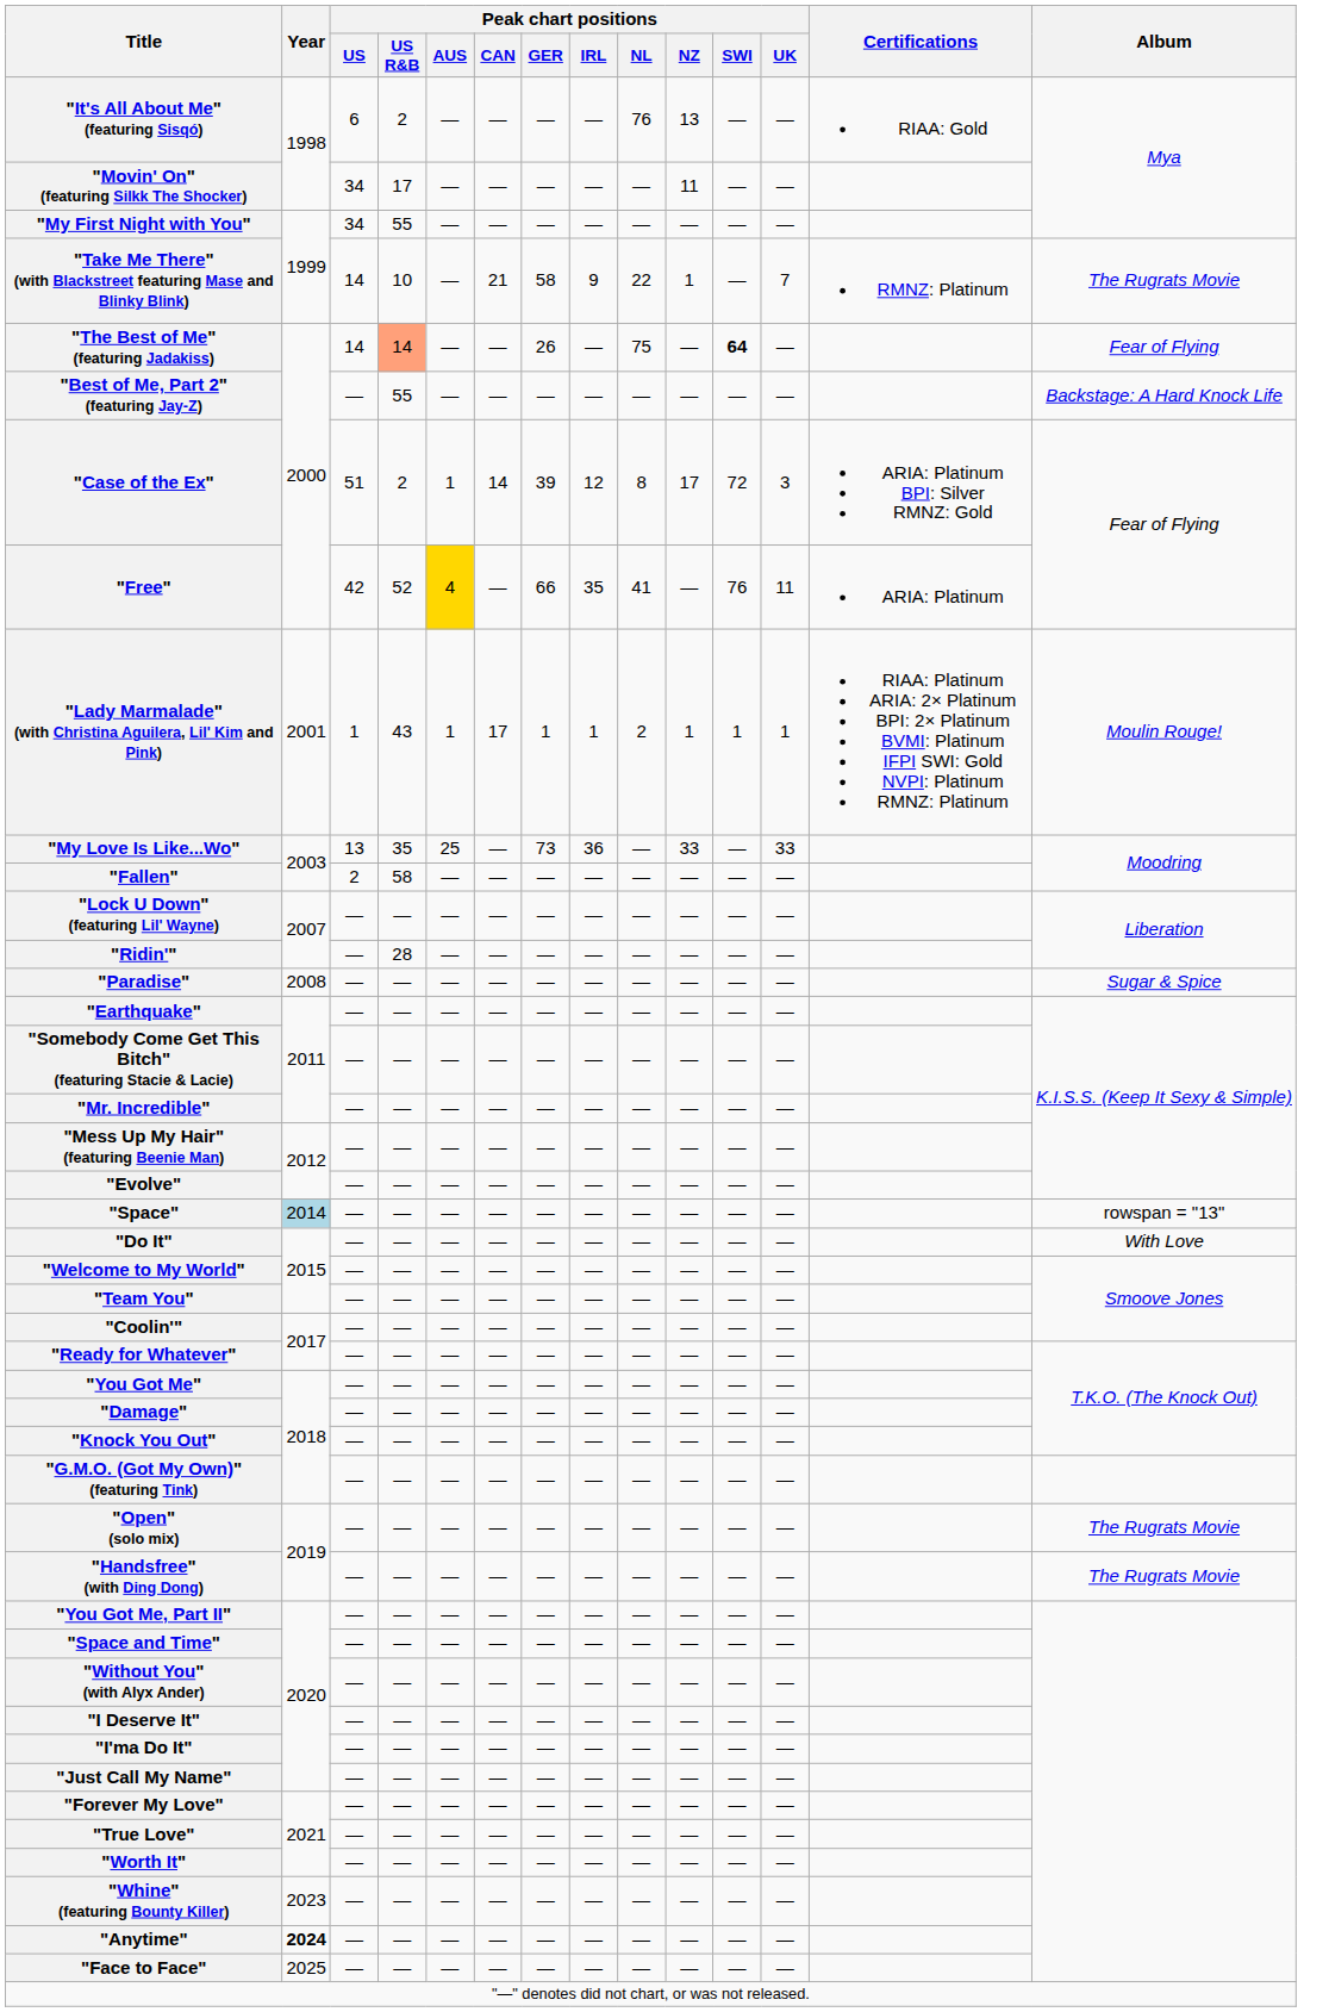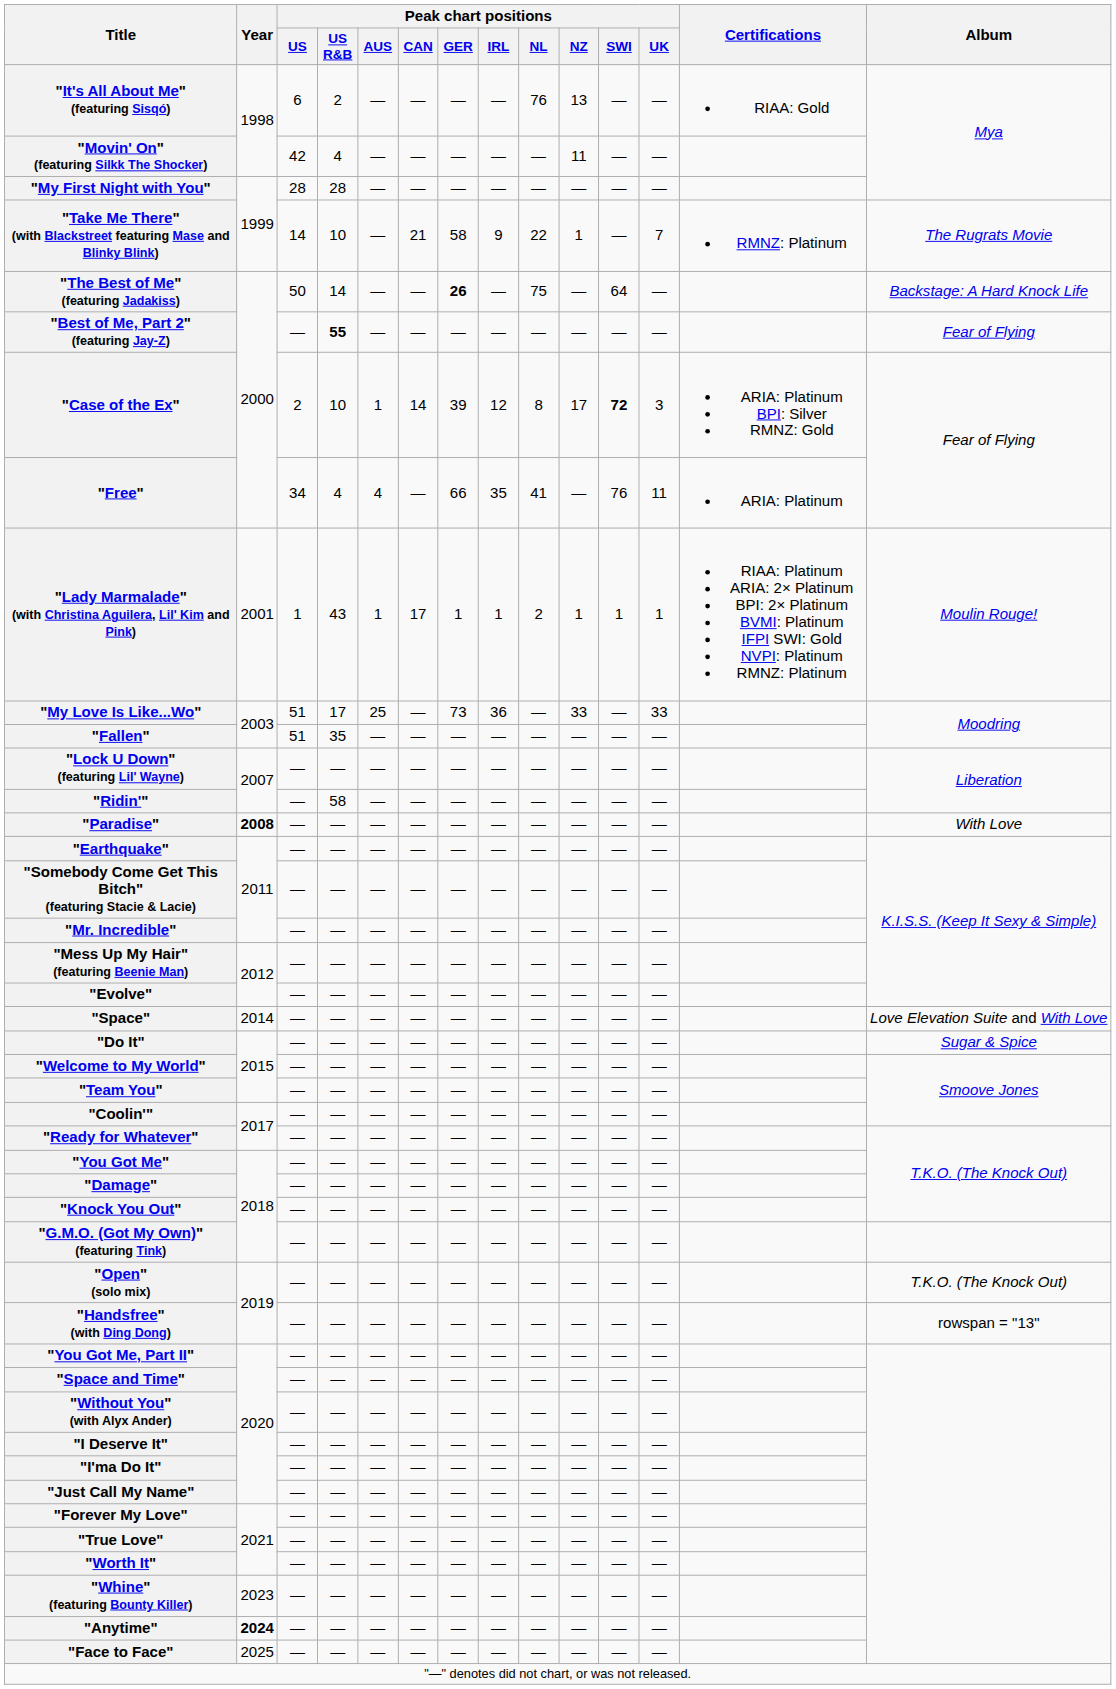 <table class="wikitable plainrowheaders" style="text-align:center;" border="1">
 <tr>
 <th scope="col" rowspan="2" style="width:15em;">Title</th>
 <th scope="col" rowspan="2" style="width:2em;">Year</th>
 <th scope="col" colspan="10">Peak chart positions</th>
 <th scope="col" rowspan="2" style="width:12em;"><a href='#'>Certifications</a></th>
 <th scope="col" rowspan="2">Album</th>
 </tr>
 <tr>
 <th scope="col" style="width:2.5em;font-size:90%;"><a href='#'>US</a><br></th>
 <th scope="col" style="width:2.5em;font-size:90%;"><a href='#'>US<br>R&B</a><br></th>
 <th scope="col" style="width:2.5em;font-size:90%;"><a href='#'>AUS</a><br></th>
 <th scope="col" style="width:2.5em;font-size:90%;"><a href='#'>CAN</a><br></th>
 <th scope="col" style="width:2.5em;font-size:90%;"><a href='#'>GER</a><br></th>
 <th scope="col" style="width:2.5em;font-size:90%;"><a href='#'>IRL</a><br></th>
 <th scope="col" style="width:2.5em;font-size:90%;"><a href='#'>NL</a><br></th>
 <th scope="col" style="width:2.5em;font-size:90%;"><a href='#'>NZ</a><br></th>
 <th scope="col" style="width:2.5em;font-size:90%;"><a href='#'>SWI</a><br></th>
 <th scope="col" style="width:2.5em;font-size:90%;"><a href='#'>UK</a><br></th>
 </tr>
 <tr>
 <th scope="row">"<a href='#'>It's All About Me</a>"<br><small>(featuring <a href='#'>Sisqó</a>)</small></th>
 <td rowspan="2">1998</td>
 <td>6</td>
 <td>2</td>
 <td>—</td>
 <td>—</td>
 <td>—</td>
 <td>—</td>
 <td>76</td>
 <td>13</td>
 <td>—</td>
 <td>—</td>
 <td><br><ul><li>RIAA: Gold</li></ul></td>
 <td rowspan="3"><em><a href='#'>Mya</a></em></td>
 </tr>
 <tr>
 <th scope="row">"<a href='#'>Movin' On</a>" <br><small>(featuring <a href='#'>Silkk The Shocker</a>)</small></th>
-<td>34</td>
-<td>17</td>
+<td>42</td>
+<td>4</td>
 <td>—</td>
 <td>—</td>
 <td>—</td>
 <td>—</td>
 <td>—</td>
 <td>11</td>
 <td>—</td>
 <td>—</td>
 <td></td>
 </tr>
 <tr>
 <th scope="row">"<a href='#'>My First Night with You</a>"</th>
 <td rowspan="2">1999</td>
-<td>34</td>
-<td>55</td>
+<td>28</td>
+<td>28</td>
 <td>—</td>
 <td>—</td>
 <td>—</td>
 <td>—</td>
 <td>—</td>
 <td>—</td>
 <td>—</td>
 <td>—</td>
 <td></td>
 </tr>
 <tr>
 <th scope="row">"<a href='#'>Take Me There</a>" <br><small>(with <a href='#'>Blackstreet</a> featuring <a href='#'>Mase</a> and <a href='#'>Blinky Blink</a>)</small></th>
 <td>14</td>
 <td>10</td>
 <td>—</td>
 <td>21</td>
 <td>58</td>
 <td>9</td>
 <td>22</td>
 <td>1</td>
 <td>—</td>
 <td>7</td>
 <td><br><ul><li><a href='#'>RMNZ</a>: Platinum</li></ul></td>
 <td scope="row"><em><a href='#'>The Rugrats Movie</a></em></td>
 </tr>
 <tr>
 <th scope="row">"<a href='#'>The Best of Me</a>" <br><small>(featuring <a href='#'>Jadakiss</a>)</small></th>
 <td rowspan="4">2000</td>
+<td>50</td>
 <td>14</td>
-<td style="background: lightsalmon;">14</td>
 <td>—</td>
 <td>—</td>
-<td>26</td>
+<td><strong>26</strong></td>
 <td>—</td>
 <td>75</td>
 <td>—</td>
-<td><strong>64</strong></td>
+<td>64</td>
 <td>—</td>
 <td></td>
-<td><em><a href='#'>Fear of Flying</a></em></td>
+<td><em><a href='#'>Backstage: A Hard Knock Life</a></em></td>
 </tr>
 <tr>
 <th scope="row">"<a href='#'>Best of Me, Part 2</a>" <br><small>(featuring <a href='#'>Jay-Z</a>)</small></th>
 <td>—</td>
-<td>55</td>
+<td><strong>55</strong></td>
 <td>—</td>
 <td>—</td>
 <td>—</td>
 <td>—</td>
 <td>—</td>
 <td>—</td>
 <td>—</td>
 <td>—</td>
 <td></td>
-<td><em><a href='#'>Backstage: A Hard Knock Life</a></em></td>
+<td><em><a href='#'>Fear of Flying</a></em></td>
 </tr>
 <tr>
 <th scope="row">"<a href='#'>Case of the Ex</a>"</th>
-<td>51</td>
 <td>2</td>
+<td>10</td>
 <td>1</td>
 <td>14</td>
 <td>39</td>
 <td>12</td>
 <td>8</td>
 <td>17</td>
-<td>72</td>
+<td><strong>72</strong></td>
 <td>3</td>
 <td><br><ul><li>ARIA: Platinum</li><li><a href='#'>BPI</a>: Silver</li><li>RMNZ: Gold</li></ul></td>
 <td rowspan="2"><em>Fear of Flying</em></td>
 </tr>
 <tr>
 <th scope="row">"<a href='#'>Free</a>"</th>
-<td>42</td>
-<td>52</td>
-<td style="background: gold;">4</td>
+<td>34</td>
+<td>4</td>
+<td>4</td>
 <td>—</td>
 <td>66</td>
 <td>35</td>
 <td>41</td>
 <td>—</td>
 <td>76</td>
 <td>11</td>
 <td><br><ul><li>ARIA: Platinum</li></ul></td>
 </tr>
 <tr>
 <th scope="row">"<a href='#'>Lady Marmalade</a>" <br><small>(with <a href='#'>Christina Aguilera</a>, <a href='#'>Lil' Kim</a> and <a href='#'>Pink</a>)</small></th>
 <td>2001</td>
 <td>1</td>
 <td>43</td>
 <td>1</td>
 <td>17</td>
 <td>1</td>
 <td>1</td>
 <td>2</td>
 <td>1</td>
 <td>1</td>
 <td>1</td>
 <td><br><ul><li>RIAA: Platinum</li><li>ARIA: 2× Platinum</li><li>BPI: 2× Platinum</li><li><a href='#'>BVMI</a>: Platinum</li><li><a href='#'>IFPI</a> SWI: Gold</li><li><a href='#'>NVPI</a>: Platinum</li><li>RMNZ: Platinum</li></ul></td>
 <td><em><a href='#'>Moulin Rouge!</a></em></td>
 </tr>
 <tr>
 <th scope="row">"<a href='#'>My Love Is Like...Wo</a>"</th>
 <td rowspan="2">2003</td>
-<td>13</td>
-<td>35</td>
+<td>51</td>
+<td>17</td>
 <td>25</td>
 <td>—</td>
 <td>73</td>
 <td>36</td>
 <td>—</td>
 <td>33</td>
 <td>—</td>
 <td>33</td>
 <td></td>
 <td rowspan="2"><em><a href='#'>Moodring</a></em></td>
 </tr>
 <tr>
 <th scope="row">"<a href='#'>Fallen</a>"</th>
-<td>2</td>
-<td>58</td>
+<td>51</td>
+<td>35</td>
 <td>—</td>
 <td>—</td>
 <td>—</td>
 <td>—</td>
 <td>—</td>
 <td>—</td>
 <td>—</td>
 <td>—</td>
 <td></td>
 </tr>
 <tr>
 <th scope="row">"<a href='#'>Lock U Down</a>" <br><small>(featuring <a href='#'>Lil' Wayne</a>)</small></th>
 <td rowspan="2">2007</td>
 <td>—</td>
 <td>—</td>
 <td>—</td>
 <td>—</td>
 <td>—</td>
 <td>—</td>
 <td>—</td>
 <td>—</td>
 <td>—</td>
 <td>—</td>
 <td></td>
 <td rowspan="2"><em><a href='#'>Liberation</a></em></td>
 </tr>
 <tr>
 <th scope="row">"<a href='#'>Ridin'</a>"</th>
 <td>—</td>
-<td>28</td>
+<td>58</td>
 <td>—</td>
 <td>—</td>
 <td>—</td>
 <td>—</td>
 <td>—</td>
 <td>—</td>
 <td>—</td>
 <td>—</td>
 <td></td>
 </tr>
 <tr>
 <th scope="row">"<a href='#'>Paradise</a>"</th>
-<td>2008</td>
+<td><strong>2008</strong></td>
 <td>—</td>
 <td>—</td>
 <td>—</td>
 <td>—</td>
 <td>—</td>
 <td>—</td>
 <td>—</td>
 <td>—</td>
 <td>—</td>
 <td>—</td>
 <td></td>
-<td><em><a href='#'>Sugar & Spice</a></em></td>
+<td><em>With Love</em></td>
 </tr>
 <tr>
 <th scope="row">"<a href='#'>Earthquake</a>"</th>
 <td rowspan="3">2011</td>
 <td>—</td>
 <td>—</td>
 <td>—</td>
 <td>—</td>
 <td>—</td>
 <td>—</td>
 <td>—</td>
 <td>—</td>
 <td>—</td>
 <td>—</td>
 <td></td>
 <td rowspan="5"><em><a href='#'>K.I.S.S. (Keep It Sexy & Simple)</a></em></td>
 </tr>
 <tr>
 <th scope="row">"Somebody Come Get This Bitch" <br><small>(featuring Stacie & Lacie)</small></th>
 <td>—</td>
 <td>—</td>
 <td>—</td>
 <td>—</td>
 <td>—</td>
 <td>—</td>
 <td>—</td>
 <td>—</td>
 <td>—</td>
 <td>—</td>
 <td></td>
 </tr>
 <tr>
 <th scope="row">"<a href='#'>Mr. Incredible</a>"</th>
 <td>—</td>
 <td>—</td>
 <td>—</td>
 <td>—</td>
 <td>—</td>
 <td>—</td>
 <td>—</td>
 <td>—</td>
 <td>—</td>
 <td>—</td>
 <td></td>
 </tr>
 <tr>
 <th scope="row">"Mess Up My Hair" <br><small>(featuring <a href='#'>Beenie Man</a>)</small></th>
 <td rowspan="2">2012</td>
 <td>—</td>
 <td>—</td>
 <td>—</td>
 <td>—</td>
 <td>—</td>
 <td>—</td>
 <td>—</td>
 <td>—</td>
 <td>—</td>
 <td>—</td>
 <td></td>
 </tr>
 <tr>
 <th scope="row">"Evolve"</th>
 <td>—</td>
 <td>—</td>
 <td>—</td>
 <td>—</td>
 <td>—</td>
 <td>—</td>
 <td>—</td>
 <td>—</td>
 <td>—</td>
 <td>—</td>
 <td></td>
 </tr>
 <tr>
 <th scope="row">"Space"</th>
-<td style="background: lightblue;">2014</td>
+<td>2014</td>
 <td>—</td>
 <td>—</td>
 <td>—</td>
 <td>—</td>
 <td>—</td>
 <td>—</td>
 <td>—</td>
 <td>—</td>
 <td>—</td>
 <td>—</td>
 <td></td>
-<td>rowspan = "13" </td>
+<td><em>Love Elevation Suite</em> and <em><a href='#'>With Love</a></em></td>
 </tr>
 <tr>
 <th scope="row">"Do It"</th>
 <td rowspan="3">2015</td>
 <td>—</td>
 <td>—</td>
 <td>—</td>
 <td>—</td>
 <td>—</td>
 <td>—</td>
 <td>—</td>
 <td>—</td>
 <td>—</td>
 <td>—</td>
 <td></td>
-<td><em>With Love</em></td>
+<td><em><a href='#'>Sugar & Spice</a></em></td>
 </tr>
 <tr>
 <th scope="row">"<a href='#'>Welcome to My World</a>"</th>
 <td>—</td>
 <td>—</td>
 <td>—</td>
 <td>—</td>
 <td>—</td>
 <td>—</td>
 <td>—</td>
 <td>—</td>
 <td>—</td>
 <td>—</td>
 <td></td>
 <td rowspan="3"><em><a href='#'>Smoove Jones</a></em></td>
 </tr>
 <tr>
 <th scope="row">"<a href='#'>Team You</a>"</th>
 <td>—</td>
 <td>—</td>
 <td>—</td>
 <td>—</td>
 <td>—</td>
 <td>—</td>
 <td>—</td>
 <td>—</td>
 <td>—</td>
 <td>—</td>
 <td></td>
 </tr>
 <tr>
 <th scope="row">"Coolin'"</th>
 <td rowspan="2">2017</td>
 <td>—</td>
 <td>—</td>
 <td>—</td>
 <td>—</td>
 <td>—</td>
 <td>—</td>
 <td>—</td>
 <td>—</td>
 <td>—</td>
 <td>—</td>
 <td></td>
 </tr>
 <tr>
 <th scope="row">"<a href='#'>Ready for Whatever</a>"</th>
 <td>—</td>
 <td>—</td>
 <td>—</td>
 <td>—</td>
 <td>—</td>
 <td>—</td>
 <td>—</td>
 <td>—</td>
 <td>—</td>
 <td>—</td>
 <td></td>
 <td rowspan="4"><em><a href='#'>T.K.O. (The Knock Out)</a></em></td>
 </tr>
 <tr>
 <th scope="row">"<a href='#'>You Got Me</a>"</th>
 <td rowspan="4">2018</td>
 <td>—</td>
 <td>—</td>
 <td>—</td>
 <td>—</td>
 <td>—</td>
 <td>—</td>
 <td>—</td>
 <td>—</td>
 <td>—</td>
 <td>—</td>
 <td></td>
 </tr>
 <tr>
 <th scope="row">"<a href='#'>Damage</a>"</th>
 <td>—</td>
 <td>—</td>
 <td>—</td>
 <td>—</td>
 <td>—</td>
 <td>—</td>
 <td>—</td>
 <td>—</td>
 <td>—</td>
 <td>—</td>
 <td></td>
 </tr>
 <tr>
 <th scope="row">"<a href='#'>Knock You Out</a>"</th>
 <td>—</td>
 <td>—</td>
 <td>—</td>
 <td>—</td>
 <td>—</td>
 <td>—</td>
 <td>—</td>
 <td>—</td>
 <td>—</td>
 <td>—</td>
 <td></td>
 </tr>
 <tr>
 <th scope="row">"<a href='#'>G.M.O. (Got My Own)</a>"<br><small>(featuring <a href='#'>Tink</a>)</small></th>
 <td>—</td>
 <td>—</td>
 <td>—</td>
 <td>—</td>
 <td>—</td>
 <td>—</td>
 <td>—</td>
 <td>—</td>
 <td>—</td>
 <td>—</td>
 <td></td>
 <td></td>
 </tr>
 <tr>
 <th scope="row">"<a href='#'>Open</a>"<br><small>(solo mix)</small></th>
 <td rowspan="2">2019</td>
 <td>—</td>
 <td>—</td>
 <td>—</td>
 <td>—</td>
 <td>—</td>
 <td>—</td>
 <td>—</td>
 <td>—</td>
 <td>—</td>
 <td>—</td>
 <td></td>
-<td scope="row"><em><a href='#'>The Rugrats Movie</a></em></td>
+<td><em>T.K.O. (The Knock Out)</em></td>
 </tr>
 <tr>
 <th scope="row">"<a href='#'>Handsfree</a>" <br><small>(with <a href='#'>Ding Dong</a>)</small> </th>
 <td>—</td>
 <td>—</td>
 <td>—</td>
 <td>—</td>
 <td>—</td>
 <td>—</td>
 <td>—</td>
 <td>—</td>
 <td>—</td>
 <td>—</td>
 <td></td>
-<td scope="row"><em><a href='#'>The Rugrats Movie</a></em></td>
+<td>rowspan = "13" </td>
 </tr>
 <tr>
 <th scope="row">"<a href='#'>You Got Me, Part II</a>"</th>
 <td rowspan="6">2020</td>
 <td>—</td>
 <td>—</td>
 <td>—</td>
 <td>—</td>
 <td>—</td>
 <td>—</td>
 <td>—</td>
 <td>—</td>
 <td>—</td>
 <td>—</td>
 <td></td>
 </tr>
 <tr>
 <th scope="row">"<a href='#'>Space and Time</a>"</th>
 <td>—</td>
 <td>—</td>
 <td>—</td>
 <td>—</td>
 <td>—</td>
 <td>—</td>
 <td>—</td>
 <td>—</td>
 <td>—</td>
 <td>—</td>
 <td></td>
 </tr>
 <tr>
 <th scope="row">"<a href='#'>Without You</a>" <br><small>(with Alyx Ander)</small></th>
 <td>—</td>
 <td>—</td>
 <td>—</td>
 <td>—</td>
 <td>—</td>
 <td>—</td>
 <td>—</td>
 <td>—</td>
 <td>—</td>
 <td>—</td>
 <td></td>
 </tr>
 <tr>
 <th scope="row">"I Deserve It"</th>
 <td>—</td>
 <td>—</td>
 <td>—</td>
 <td>—</td>
 <td>—</td>
 <td>—</td>
 <td>—</td>
 <td>—</td>
 <td>—</td>
 <td>—</td>
 <td></td>
 </tr>
 <tr>
 <th scope="row">"I'ma Do It"</th>
 <td>—</td>
 <td>—</td>
 <td>—</td>
 <td>—</td>
 <td>—</td>
 <td>—</td>
 <td>—</td>
 <td>—</td>
 <td>—</td>
 <td>—</td>
 <td></td>
 </tr>
 <tr>
 <th scope="row">"Just Call My Name"</th>
 <td>—</td>
 <td>—</td>
 <td>—</td>
 <td>—</td>
 <td>—</td>
 <td>—</td>
 <td>—</td>
 <td>—</td>
 <td>—</td>
 <td>—</td>
 <td></td>
 </tr>
 <tr>
 <th scope="row">"Forever My Love"</th>
 <td rowspan="3">2021</td>
 <td>—</td>
 <td>—</td>
 <td>—</td>
 <td>—</td>
 <td>—</td>
 <td>—</td>
 <td>—</td>
 <td>—</td>
 <td>—</td>
 <td>—</td>
 <td></td>
 </tr>
 <tr>
 <th scope="row">"True Love"</th>
 <td>—</td>
 <td>—</td>
 <td>—</td>
 <td>—</td>
 <td>—</td>
 <td>—</td>
 <td>—</td>
 <td>—</td>
 <td>—</td>
 <td>—</td>
 <td></td>
 </tr>
 <tr>
 <th scope="row">"<a href='#'>Worth It</a>"</th>
 <td>—</td>
 <td>—</td>
 <td>—</td>
 <td>—</td>
 <td>—</td>
 <td>—</td>
 <td>—</td>
 <td>—</td>
 <td>—</td>
 <td>—</td>
 <td></td>
 </tr>
 <tr>
 <th scope="row">"<a href='#'>Whine</a>" <br><small>(featuring <a href='#'>Bounty Killer</a>)</small></th>
 <td rowspan="1">2023</td>
 <td>—</td>
 <td>—</td>
 <td>—</td>
 <td>—</td>
 <td>—</td>
 <td>—</td>
 <td>—</td>
 <td>—</td>
 <td>—</td>
 <td>—</td>
 <td></td>
 </tr>
 <tr>
 <th scope="row">"Anytime"</th>
 <td rowspan="1"><strong>2024</strong></td>
 <td>—</td>
 <td>—</td>
 <td>—</td>
 <td>—</td>
 <td>—</td>
 <td>—</td>
 <td>—</td>
 <td>—</td>
 <td>—</td>
 <td>—</td>
 <td></td>
 </tr>
 <tr>
 <th scope="row">"Face to Face"</th>
 <td rowspan="1">2025</td>
 <td>—</td>
 <td>—</td>
 <td>—</td>
 <td>—</td>
 <td>—</td>
 <td>—</td>
 <td>—</td>
 <td>—</td>
 <td>—</td>
 <td>—</td>
 <td></td>
 </tr>
 <tr>
 <td colspan="16" style="font-size:85%">"—" denotes did not chart, or was not released.</td>
 </tr>
 </table>
